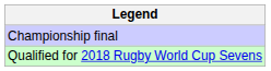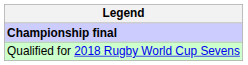 <table class="wikitable">
 <tr>
 <th>Legend</th>
 </tr>
 <tr bgcolor="#ccf">
-<td>Championship final</td>
+<td><strong>Championship final</strong></td>
 </tr>
 <tr bgcolor="#cfc">
 <td>Qualified for <a href='#'>2018 Rugby World Cup Sevens</a></td>
 </tr>
 </table>
